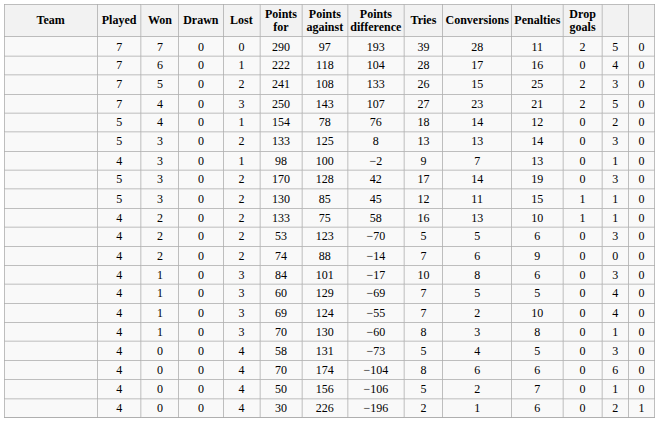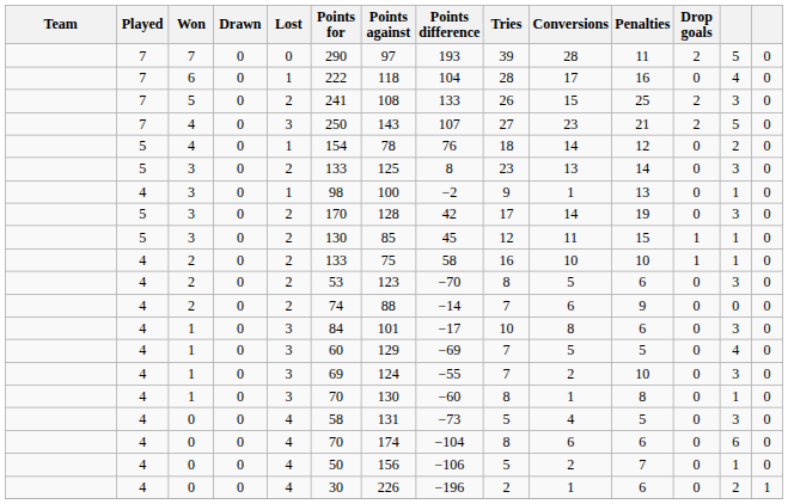 <table class="wikitable sortable" style="text-align:center">
 <tr>
 <th width=246>Team</th>
 <th width=60>Played</th>
 <th width=60>Won</th>
 <th width=60>Drawn</th>
 <th width=60>Lost</th>
 <th width=60>Points<br>for</th>
 <th width=60>Points<br>against</th>
 <th width=60>Points<br>difference</th>
 <th width=60>Tries</th>
 <th width=60>Conversions</th>
 <th width=60>Penalties</th>
 <th width=60>Drop goals</th>
 <th width=60></th>
 <th width=60></th>
 </tr>
 <tr>
 <td align=left></td>
 <td>7</td>
 <td>7</td>
 <td>0</td>
 <td>0</td>
 <td>290</td>
 <td>97</td>
 <td>193</td>
 <td>39</td>
 <td>28</td>
 <td>11</td>
 <td>2</td>
 <td>5</td>
 <td>0</td>
 </tr>
 <tr>
 <td align=left></td>
 <td>7</td>
 <td>6</td>
 <td>0</td>
 <td>1</td>
 <td>222</td>
 <td>118</td>
 <td>104</td>
 <td>28</td>
 <td>17</td>
 <td>16</td>
 <td>0</td>
 <td>4</td>
 <td>0</td>
 </tr>
 <tr>
 <td align=left></td>
 <td>7</td>
 <td>5</td>
 <td>0</td>
 <td>2</td>
 <td>241</td>
 <td>108</td>
 <td>133</td>
 <td>26</td>
 <td>15</td>
 <td>25</td>
 <td>2</td>
 <td>3</td>
 <td>0</td>
 </tr>
 <tr>
 <td align=left></td>
 <td>7</td>
 <td>4</td>
 <td>0</td>
 <td>3</td>
 <td>250</td>
 <td>143</td>
 <td>107</td>
 <td>27</td>
 <td>23</td>
 <td>21</td>
 <td>2</td>
 <td>5</td>
 <td>0</td>
 </tr>
 <tr>
 <td align=left></td>
 <td>5</td>
 <td>4</td>
 <td>0</td>
 <td>1</td>
 <td>154</td>
 <td>78</td>
 <td>76</td>
 <td>18</td>
 <td>14</td>
 <td>12</td>
 <td>0</td>
 <td>2</td>
 <td>0</td>
 </tr>
 <tr>
 <td align=left></td>
 <td>5</td>
 <td>3</td>
 <td>0</td>
 <td>2</td>
 <td>133</td>
 <td>125</td>
 <td>8</td>
-<td>13</td>
+<td>23</td>
 <td>13</td>
 <td>14</td>
 <td>0</td>
 <td>3</td>
 <td>0</td>
 </tr>
 <tr>
 <td align=left></td>
 <td>4</td>
 <td>3</td>
 <td>0</td>
 <td>1</td>
 <td>98</td>
 <td>100</td>
 <td>−2</td>
 <td>9</td>
-<td>7</td>
+<td>1</td>
 <td>13</td>
 <td>0</td>
 <td>1</td>
 <td>0</td>
 </tr>
 <tr>
 <td align=left></td>
 <td>5</td>
 <td>3</td>
 <td>0</td>
 <td>2</td>
 <td>170</td>
 <td>128</td>
 <td>42</td>
 <td>17</td>
 <td>14</td>
 <td>19</td>
 <td>0</td>
 <td>3</td>
 <td>0</td>
 </tr>
 <tr>
 <td align=left></td>
 <td>5</td>
 <td>3</td>
 <td>0</td>
 <td>2</td>
 <td>130</td>
 <td>85</td>
 <td>45</td>
 <td>12</td>
 <td>11</td>
 <td>15</td>
 <td>1</td>
 <td>1</td>
 <td>0</td>
 </tr>
 <tr>
 <td align=left></td>
 <td>4</td>
 <td>2</td>
 <td>0</td>
 <td>2</td>
 <td>133</td>
 <td>75</td>
 <td>58</td>
 <td>16</td>
-<td>13</td>
+<td>10</td>
 <td>10</td>
 <td>1</td>
 <td>1</td>
 <td>0</td>
 </tr>
 <tr>
 <td align=left></td>
 <td>4</td>
 <td>2</td>
 <td>0</td>
 <td>2</td>
 <td>53</td>
 <td>123</td>
 <td>−70</td>
-<td>5</td>
+<td>8</td>
 <td>5</td>
 <td>6</td>
 <td>0</td>
 <td>3</td>
 <td>0</td>
 </tr>
 <tr>
 <td align=left></td>
 <td>4</td>
 <td>2</td>
 <td>0</td>
 <td>2</td>
 <td>74</td>
 <td>88</td>
 <td>−14</td>
 <td>7</td>
 <td>6</td>
 <td>9</td>
 <td>0</td>
 <td>0</td>
 <td>0</td>
 </tr>
 <tr>
 <td align=left></td>
 <td>4</td>
 <td>1</td>
 <td>0</td>
 <td>3</td>
 <td>84</td>
 <td>101</td>
 <td>−17</td>
 <td>10</td>
 <td>8</td>
 <td>6</td>
 <td>0</td>
 <td>3</td>
 <td>0</td>
 </tr>
 <tr>
 <td align=left></td>
 <td>4</td>
 <td>1</td>
 <td>0</td>
 <td>3</td>
 <td>60</td>
 <td>129</td>
 <td>−69</td>
 <td>7</td>
 <td>5</td>
 <td>5</td>
 <td>0</td>
 <td>4</td>
 <td>0</td>
 </tr>
 <tr>
 <td align=left></td>
 <td>4</td>
 <td>1</td>
 <td>0</td>
 <td>3</td>
 <td>69</td>
 <td>124</td>
 <td>−55</td>
 <td>7</td>
 <td>2</td>
 <td>10</td>
 <td>0</td>
-<td>4</td>
+<td>3</td>
 <td>0</td>
 </tr>
 <tr>
 <td align=left></td>
 <td>4</td>
 <td>1</td>
 <td>0</td>
 <td>3</td>
 <td>70</td>
 <td>130</td>
 <td>−60</td>
 <td>8</td>
-<td>3</td>
+<td>1</td>
 <td>8</td>
 <td>0</td>
 <td>1</td>
 <td>0</td>
 </tr>
 <tr>
 <td align=left></td>
 <td>4</td>
 <td>0</td>
 <td>0</td>
 <td>4</td>
 <td>58</td>
 <td>131</td>
 <td>−73</td>
 <td>5</td>
 <td>4</td>
 <td>5</td>
 <td>0</td>
 <td>3</td>
 <td>0</td>
 </tr>
 <tr>
 <td align=left></td>
 <td>4</td>
 <td>0</td>
 <td>0</td>
 <td>4</td>
 <td>70</td>
 <td>174</td>
 <td>−104</td>
 <td>8</td>
 <td>6</td>
 <td>6</td>
 <td>0</td>
 <td>6</td>
 <td>0</td>
 </tr>
 <tr>
 <td align=left></td>
 <td>4</td>
 <td>0</td>
 <td>0</td>
 <td>4</td>
 <td>50</td>
 <td>156</td>
 <td>−106</td>
 <td>5</td>
 <td>2</td>
 <td>7</td>
 <td>0</td>
 <td>1</td>
 <td>0</td>
 </tr>
 <tr>
 <td align=left></td>
 <td>4</td>
 <td>0</td>
 <td>0</td>
 <td>4</td>
 <td>30</td>
 <td>226</td>
 <td>−196</td>
 <td>2</td>
 <td>1</td>
 <td>6</td>
 <td>0</td>
 <td>2</td>
 <td>1</td>
 </tr>
 <tr>
 </tr>
 </table>
